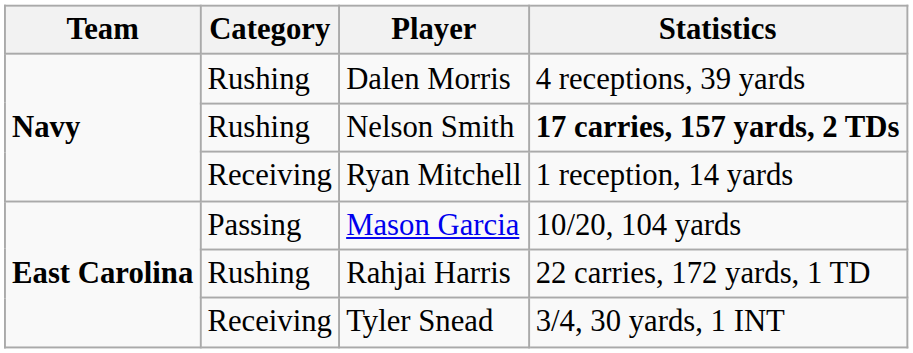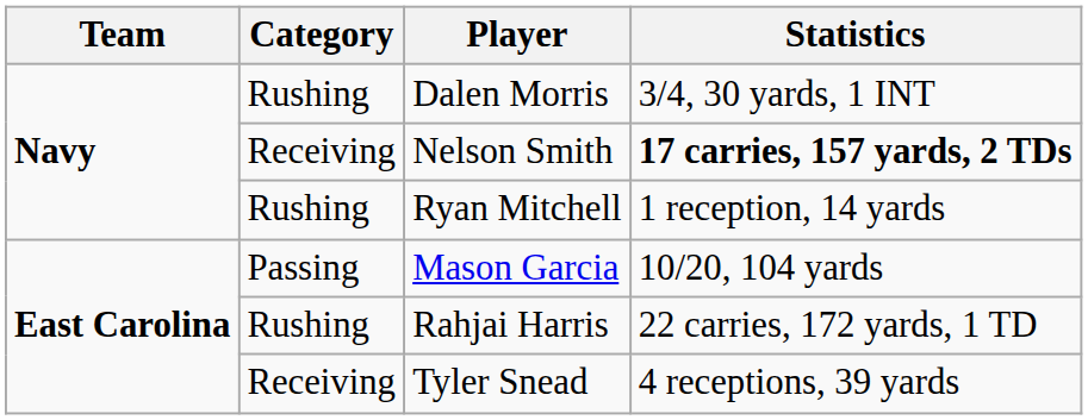 <table class="wikitable" style="float: left;">
 <tr>
 <th>Team</th>
 <th>Category</th>
 <th>Player</th>
 <th>Statistics</th>
 </tr>
 <tr>
 <td rowspan=3><strong>Navy</strong></td>
 <td>Rushing</td>
 <td>Dalen Morris</td>
-<td>4 receptions, 39 yards</td>
+<td>3/4, 30 yards, 1 INT</td>
 </tr>
 <tr>
-<td>Rushing</td>
+<td>Receiving</td>
 <td>Nelson Smith</td>
 <td><strong>17 carries, 157 yards, 2 TDs</strong></td>
 </tr>
 <tr>
-<td>Receiving</td>
+<td>Rushing</td>
 <td>Ryan Mitchell</td>
 <td>1 reception, 14 yards</td>
 </tr>
 <tr>
 <td rowspan=3><strong>East Carolina</strong></td>
 <td>Passing</td>
 <td><a href='#'>Mason Garcia</a></td>
 <td>10/20, 104 yards</td>
 </tr>
 <tr>
 <td>Rushing</td>
 <td>Rahjai Harris</td>
 <td>22 carries, 172 yards, 1 TD</td>
 </tr>
 <tr>
 <td>Receiving</td>
 <td>Tyler Snead</td>
-<td>3/4, 30 yards, 1 INT</td>
+<td>4 receptions, 39 yards</td>
 </tr>
 </table>
